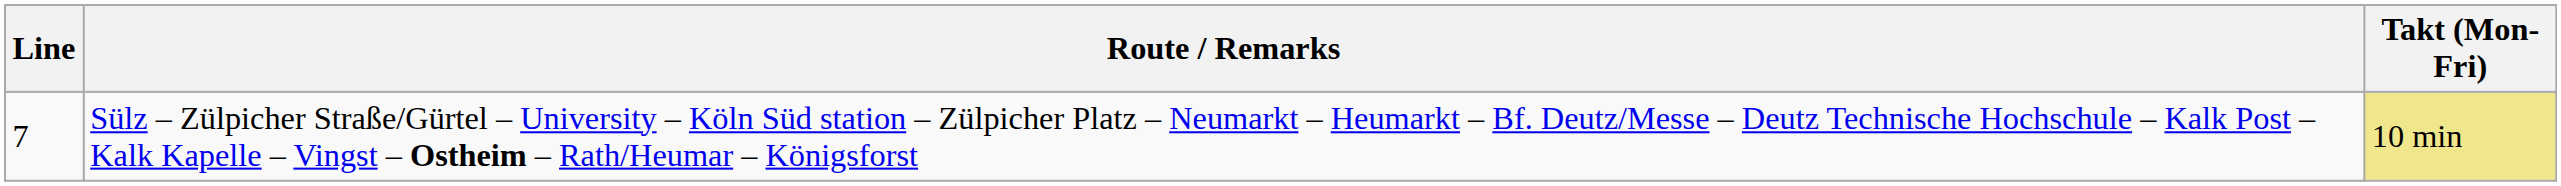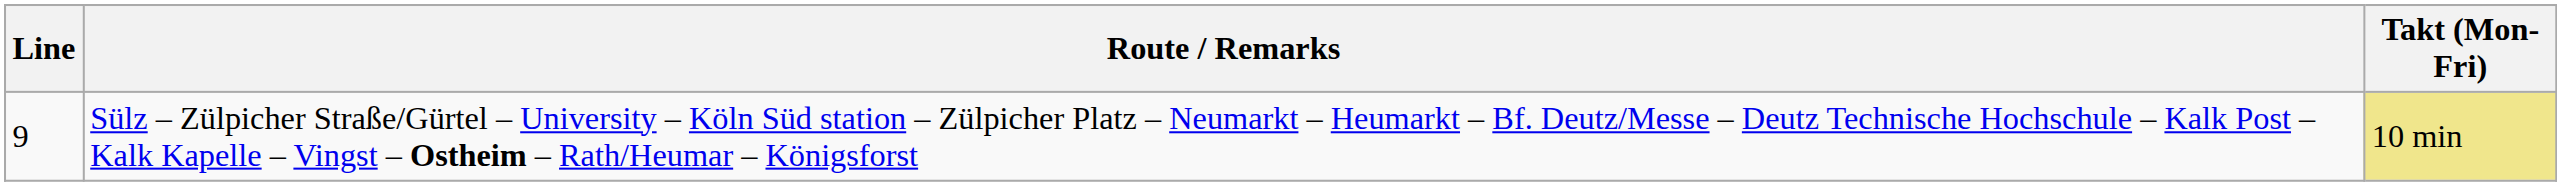 <table class="wikitable" align="center" width="100%">
 <tr>
 <th>Line</th>
 <th>Route / Remarks</th>
 <th>Takt (Mon-Fri)</th>
 </tr>
 <tr>
-<td>7</td>
+<td>9</td>
 <td><a href='#'>Sülz</a> – Zülpicher Straße/Gürtel – <a href='#'>University</a> – <a href='#'>Köln Süd station</a> – Zülpicher Platz – <a href='#'>Neumarkt</a> – <a href='#'>Heumarkt</a> – <a href='#'>Bf. Deutz/Messe</a>  – <a href='#'>Deutz Technische Hochschule</a> – <a href='#'>Kalk Post</a> – <a href='#'>Kalk Kapelle</a> – <a href='#'>Vingst</a> – <strong>Ostheim</strong> – <a href='#'>Rath/Heumar</a> – <a href='#'>Königsforst</a></td>
 <td style="background: khaki;">10 min</td>
 </tr>
 </table>
